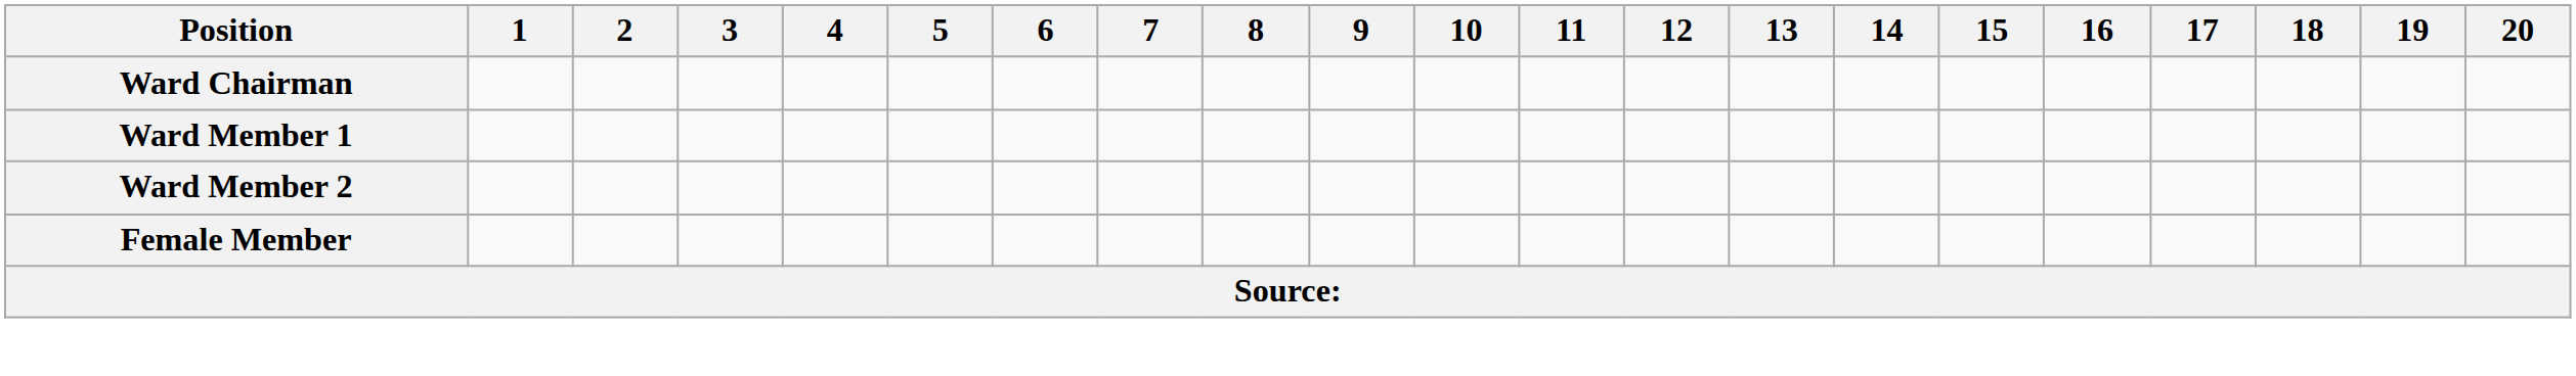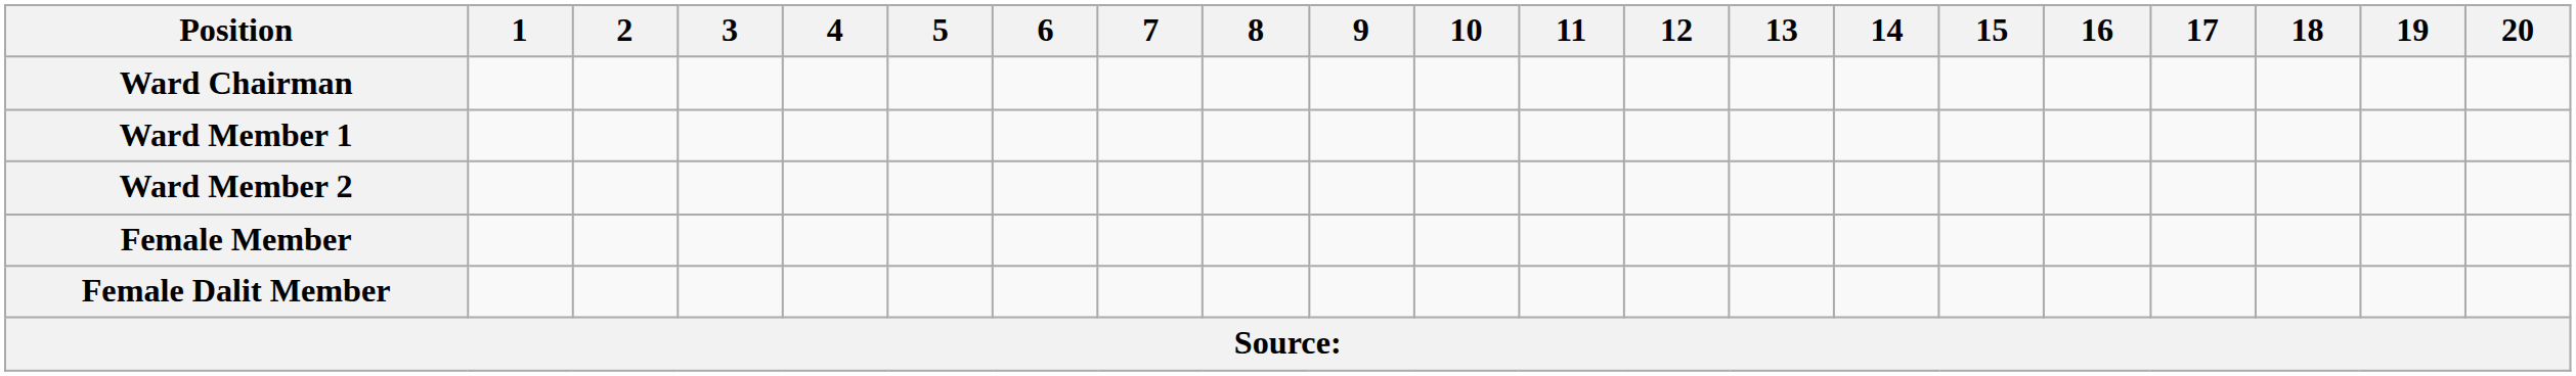 <table class="wikitable">
 <tr>
 <th style="width:390pt;">Position</th>
 <th width="4.1%">1</th>
 <th width="4.1%">2</th>
 <th width="4.1%">3</th>
 <th width="4.1%">4</th>
 <th width="4.1%">5</th>
 <th width="4.1%">6</th>
 <th width="4.1%">7</th>
 <th width="4.1%">8</th>
 <th width="4.1%">9</th>
 <th width="4.1%">10</th>
 <th width="4.1%">11</th>
 <th width="4.1%">12</th>
 <th width="4.1%">13</th>
 <th width="4.1%">14</th>
 <th width="4.1%">15</th>
 <th width="4.1%">16</th>
 <th width="4.1%">17</th>
 <th width="4.1%">18</th>
 <th width="4.1%">19</th>
 <th width="4.1%">20</th>
 </tr>
 <tr>
 <th>Ward Chairman</th>
 <td style="background-color:"></td>
 <td style="background-color:"></td>
 <td style="background-color:"></td>
 <td style="background-color:"></td>
 <td style="background-color:"></td>
 <td style="background-color:"></td>
 <td style="background-color:"></td>
 <td style="background-color:"></td>
 <td style="background-color:"></td>
 <td style="background-color:"></td>
 <td style="background-color:"></td>
 <td style="background-color:"></td>
 <td style="background-color:"></td>
 <td style="background-color:"></td>
 <td style="background-color:"></td>
 <td style="background-color:"></td>
 <td style="background-color:"></td>
 <td style="background-color:"></td>
 <td style="background-color:"></td>
 <td style="background-color:"></td>
 </tr>
 <tr>
 <th>Ward Member 1</th>
 <td style="background-color:"></td>
 <td style="background-color:"></td>
 <td style="background-color:"></td>
 <td style="background-color:"></td>
 <td style="background-color:"></td>
 <td style="background-color:"></td>
 <td style="background-color:"></td>
 <td style="background-color:"></td>
 <td style="background-color:"></td>
 <td style="background-color:"></td>
 <td style="background-color:"></td>
 <td style="background-color:"></td>
 <td style="background-color:"></td>
 <td style="background-color:"></td>
 <td style="background-color:"></td>
 <td style="background-color:"></td>
 <td style="background-color:"></td>
 <td style="background-color:"></td>
 <td style="background-color:"></td>
 <td style="background-color:"></td>
 </tr>
 <tr>
 <th>Ward Member 2</th>
 <td style="background-color:"></td>
 <td style="background-color:"></td>
 <td style="background-color:"></td>
 <td style="background-color:"></td>
 <td style="background-color:"></td>
 <td style="background-color:"></td>
 <td style="background-color:"></td>
 <td style="background-color:"></td>
 <td style="background-color:"></td>
 <td style="background-color:"></td>
 <td style="background-color:"></td>
 <td style="background-color:"></td>
 <td style="background-color:"></td>
 <td style="background-color:"></td>
 <td style="background-color:"></td>
 <td style="background-color:"></td>
 <td style="background-color:"></td>
 <td style="background-color:"></td>
 <td style="background-color:"></td>
 <td style="background-color:"></td>
 </tr>
 <tr>
 <th>Female Member</th>
 <td style="background-color:"></td>
 <td style="background-color:"></td>
 <td style="background-color:"></td>
 <td style="background-color:"></td>
 <td style="background-color:"></td>
 <td style="background-color:"></td>
 <td style="background-color:"></td>
 <td style="background-color:"></td>
 <td style="background-color:"></td>
 <td style="background-color:"></td>
 <td style="background-color:"></td>
 <td style="background-color:"></td>
 <td style="background-color:"></td>
 <td style="background-color:"></td>
 <td style="background-color:"></td>
 <td style="background-color:"></td>
 <td style="background-color:"></td>
 <td style="background-color:"></td>
 <td style="background-color:"></td>
 <td style="background-color:"></td>
 </tr>
 <tr>
+<th>Female Dalit Member</th>
+<td style="background-color:"></td>
+<td style="background-color:"></td>
+<td style="background-color:"></td>
+<td style="background-color:"></td>
+<td style="background-color:"></td>
+<td style="background-color:"></td>
+<td style="background-color:"></td>
+<td style="background-color:"></td>
+<td style="background-color:"></td>
+<td style="background-color:"></td>
+<td style="background-color:"></td>
+<td style="background-color:"></td>
+<td style="background-color:"></td>
+<td style="background-color:"></td>
+<td style="background-color:"></td>
+<td style="background-color:"></td>
+<td style="background-color:"></td>
+<td style="background-color:"></td>
+<td style="background-color:"></td>
+<td style="background-color:"></td>
+</tr>
+<tr>
 <th colspan="21">Source: </th>
 </tr>
 </table>
